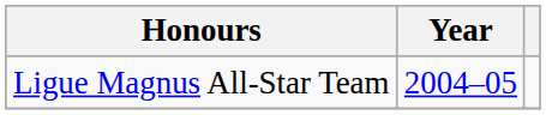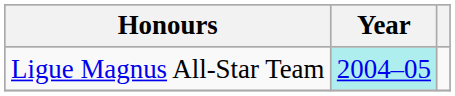 <table class="wikitable">
 <tr>
 <th>Honours</th>
 <th>Year</th>
 <th></th>
 </tr>
 <tr>
 <td><a href='#'>Ligue Magnus</a> All-Star Team</td>
-<td><a href='#'>2004–05</a></td>
+<td style="background: paleturquoise;"><a href='#'>2004–05</a></td>
 <td></td>
 </tr>
 <tr>
 </tr>
 </table>
